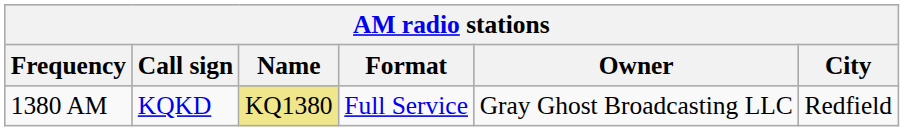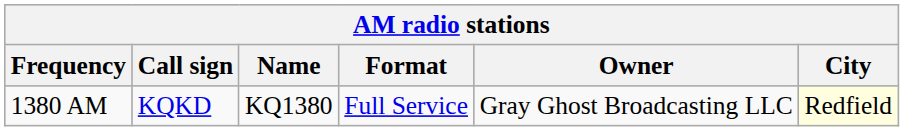 <table class="wikitable">
 <tr>
 <th align="center" colspan="6"><strong><a href='#'>AM radio</a> stations</strong></th>
 </tr>
 <tr>
 <th>Frequency</th>
 <th>Call sign</th>
 <th>Name</th>
 <th>Format</th>
 <th>Owner</th>
 <th>City</th>
 </tr>
 <tr>
 <td>1380 AM</td>
 <td><a href='#'>KQKD</a></td>
-<td style="background: khaki;">KQ1380</td>
+<td>KQ1380</td>
 <td><a href='#'>Full Service</a></td>
 <td>Gray Ghost Broadcasting LLC</td>
-<td>Redfield</td>
+<td style="background: lightyellow;">Redfield</td>
 </tr>
 </table>
